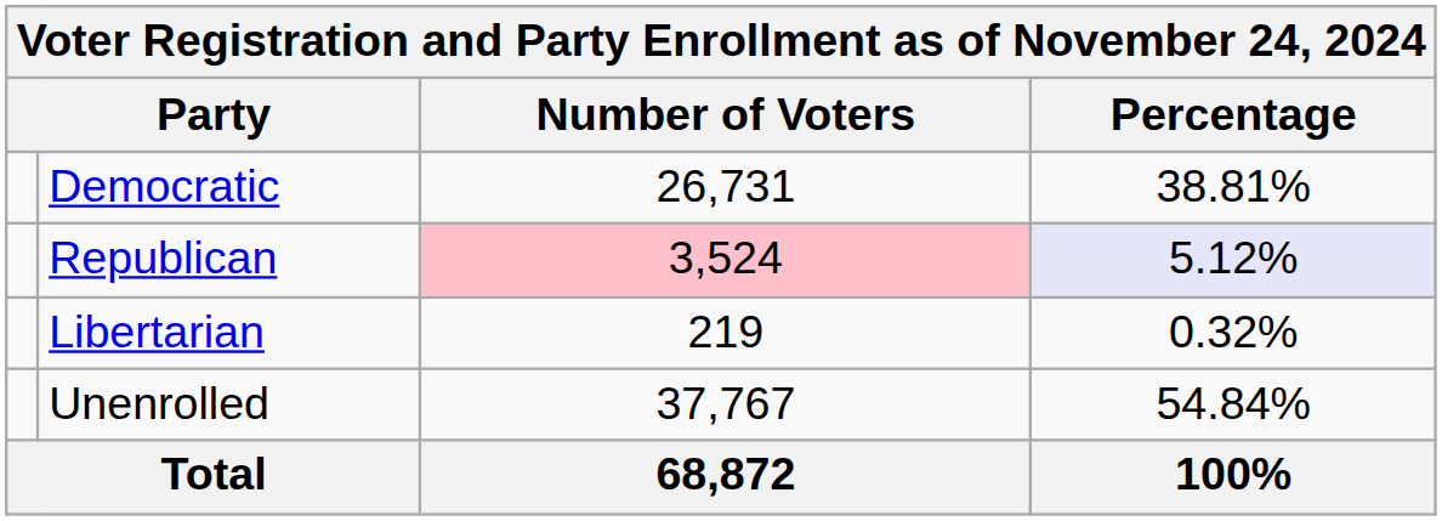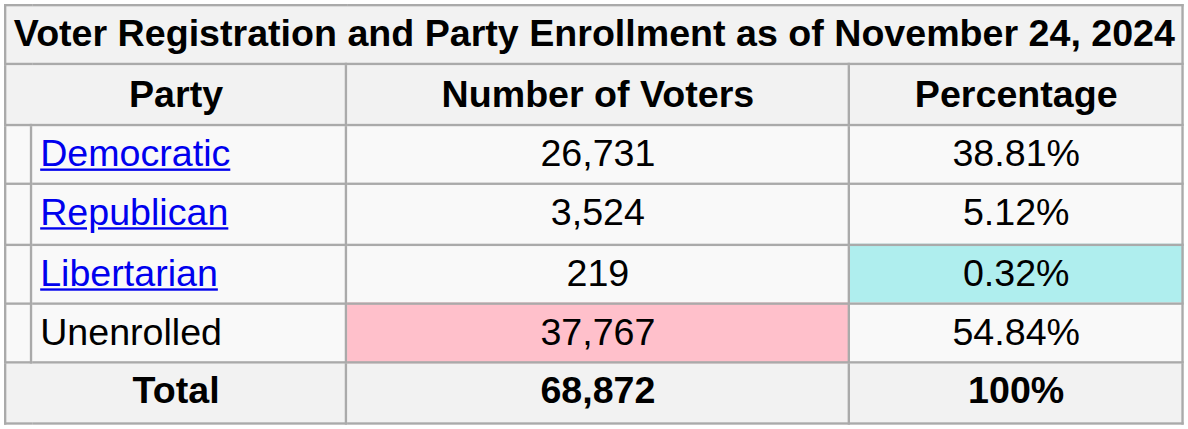 <table class=wikitable>
 <tr>
 <th colspan = 6>Voter Registration and Party Enrollment as of November 24, 2024</th>
 </tr>
 <tr>
 <th colspan = 2>Party</th>
 <th>Number of Voters</th>
 <th>Percentage</th>
 </tr>
 <tr>
 <td></td>
 <td><a href='#'>Democratic</a></td>
 <td style="text-align:center;">26,731</td>
 <td style="text-align:center;">38.81%</td>
 </tr>
 <tr>
 <td></td>
 <td><a href='#'>Republican</a></td>
-<td style="background: pink; text-align:center;">3,524</td>
-<td style="background: lavender; text-align:center;">5.12%</td>
+<td style="text-align:center;">3,524</td>
+<td style="text-align:center;">5.12%</td>
 </tr>
 <tr>
 <td></td>
 <td><a href='#'>Libertarian</a></td>
 <td style="text-align:center;">219</td>
-<td style="text-align:center;">0.32%</td>
+<td style="background: paleturquoise; text-align:center;">0.32%</td>
 </tr>
 <tr>
 <td></td>
 <td>Unenrolled</td>
-<td style="text-align:center;">37,767</td>
+<td style="background: pink; text-align:center;">37,767</td>
 <td style="text-align:center;">54.84%</td>
 </tr>
 <tr>
 <th colspan = 2>Total</th>
 <th style="text-align:center;">68,872</th>
 <th style="text-align:center;">100%</th>
 </tr>
 </table>
